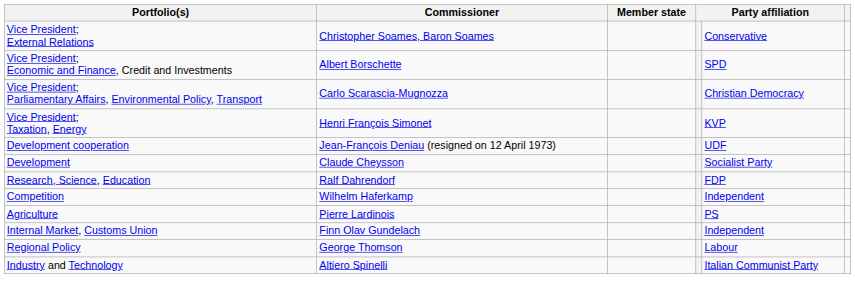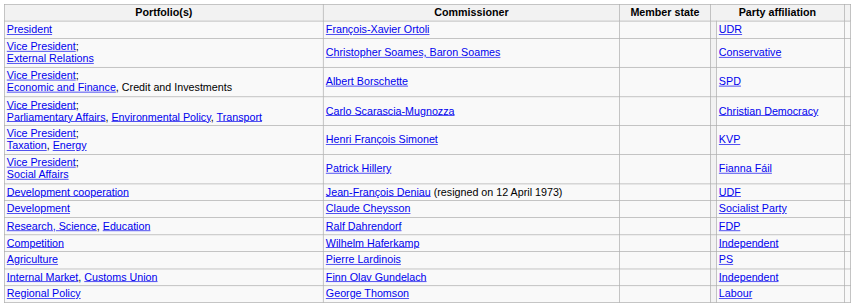 <table class="wikitable" width=100%>
 <tr>
 <th>Portfolio(s)</th>
 <th>Commissioner</th>
 <th>Member state</th>
 <th colspan=2>Party affiliation</th>
 <th></th>
+</tr>
+<tr>
+<td><a href='#'>President</a></td>
+<td><a href='#'>François-Xavier Ortoli</a></td>
+<td></td>
+<th style="background-color:"></th>
+<td><a href='#'>UDR</a></td>
+<td></td>
 </tr>
 <tr>
 <td><a href='#'>Vice President</a>;<br><a href='#'>External Relations</a></td>
 <td><a href='#'>Christopher Soames, Baron Soames</a></td>
 <td></td>
 <th style="background-color:"></th>
 <td><a href='#'>Conservative</a></td>
 <td></td>
 </tr>
 <tr>
 <td><a href='#'>Vice President</a>;<br><a href='#'>Economic and Finance</a>, Credit and Investments</td>
 <td><a href='#'>Albert Borschette</a></td>
 <td></td>
 <th style="background-color:"></th>
 <td><a href='#'>SPD</a></td>
 <td></td>
 </tr>
 <tr>
 <td><a href='#'>Vice President</a>;<br><a href='#'>Parliamentary Affairs</a>, <a href='#'>Environmental Policy</a>, <a href='#'>Transport</a></td>
 <td><a href='#'>Carlo Scarascia-Mugnozza</a></td>
 <td></td>
 <th style="background-color:"></th>
 <td><a href='#'>Christian Democracy</a></td>
 <td></td>
 </tr>
 <tr>
 <td><a href='#'>Vice President</a>;<br><a href='#'>Taxation</a>, <a href='#'>Energy</a></td>
 <td><a href='#'>Henri François Simonet</a></td>
 <td></td>
 <th style="background-color:"></th>
 <td><a href='#'>KVP</a></td>
+<td></td>
+</tr>
+<tr>
+<td><a href='#'>Vice President</a>;<br><a href='#'>Social Affairs</a></td>
+<td><a href='#'>Patrick Hillery</a></td>
+<td></td>
+<th style="background-color:"></th>
+<td><a href='#'>Fianna Fáil</a></td>
 <td></td>
 </tr>
 <tr>
 <td><a href='#'>Development cooperation</a></td>
 <td><a href='#'>Jean-François Deniau</a> (resigned on 12 April 1973)</td>
 <td></td>
 <th style="background-color:"></th>
 <td><a href='#'>UDF</a></td>
 <td></td>
 </tr>
 <tr>
 <td><a href='#'>Development</a></td>
 <td><a href='#'>Claude Cheysson</a></td>
 <td></td>
 <th style="background-color:"></th>
 <td><a href='#'>Socialist Party</a></td>
 <td></td>
 </tr>
 <tr>
 <td><a href='#'>Research, Science</a>, <a href='#'>Education</a></td>
 <td><a href='#'>Ralf Dahrendorf</a></td>
 <td></td>
 <th style="background-color:"></th>
 <td><a href='#'>FDP</a></td>
 <td></td>
 </tr>
 <tr>
 <td><a href='#'>Competition</a></td>
 <td><a href='#'>Wilhelm Haferkamp</a></td>
 <td></td>
 <th style="background-color:"></th>
 <td><a href='#'>Independent</a></td>
 <td></td>
 </tr>
 <tr>
 <td><a href='#'>Agriculture</a></td>
 <td><a href='#'>Pierre Lardinois</a></td>
 <td></td>
 <th style="background-color:"></th>
 <td><a href='#'>PS</a></td>
 <td></td>
 </tr>
 <tr>
 <td><a href='#'>Internal Market</a>, <a href='#'>Customs Union</a></td>
 <td><a href='#'>Finn Olav Gundelach</a></td>
 <td></td>
 <th style="background-color:"></th>
 <td><a href='#'>Independent</a></td>
 <td></td>
 </tr>
 <tr>
 <td><a href='#'>Regional Policy</a></td>
 <td><a href='#'>George Thomson</a></td>
 <td></td>
 <th style="background-color:"></th>
 <td><a href='#'>Labour</a></td>
 <td></td>
 </tr>
-<tr>
-<td><a href='#'>Industry</a> and <a href='#'>Technology</a></td>
-<td><a href='#'>Altiero Spinelli</a></td>
-<td></td>
-<th style="background-color:"></th>
-<td><a href='#'>Italian Communist Party</a></td>
-<td></td>
-</tr>
 </table>
